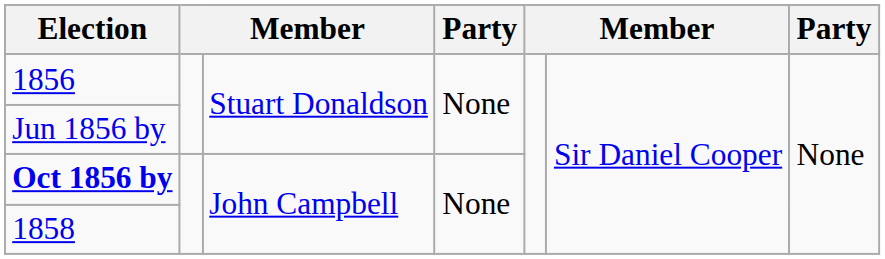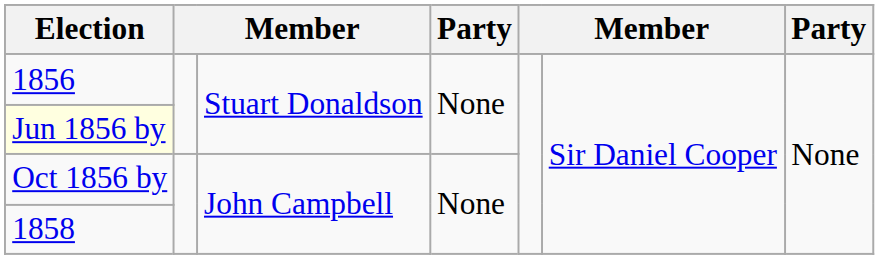 <table class="wikitable">
 <tr>
 <th>Election</th>
 <th colspan="2">Member</th>
 <th>Party</th>
 <th colspan="2">Member</th>
 <th>Party</th>
 </tr>
 <tr>
 <td><a href='#'>1856</a></td>
 <td rowspan="2" > </td>
 <td rowspan="2"><a href='#'>Stuart Donaldson</a></td>
 <td rowspan="2">None</td>
 <td rowspan="4" > </td>
 <td rowspan="4"><a href='#'>Sir Daniel Cooper</a></td>
 <td rowspan="4">None</td>
 </tr>
 <tr>
-<td><a href='#'>Jun 1856 by</a></td>
+<td style="background: lightyellow;"><a href='#'>Jun 1856 by</a></td>
 </tr>
 <tr>
-<td><strong><a href='#'>Oct 1856 by</a></strong></td>
+<td><a href='#'>Oct 1856 by</a></td>
 <td rowspan="2" > </td>
 <td rowspan="2"><a href='#'>John Campbell</a></td>
 <td rowspan="2">None</td>
 </tr>
 <tr>
 <td><a href='#'>1858</a></td>
 </tr>
 </table>
